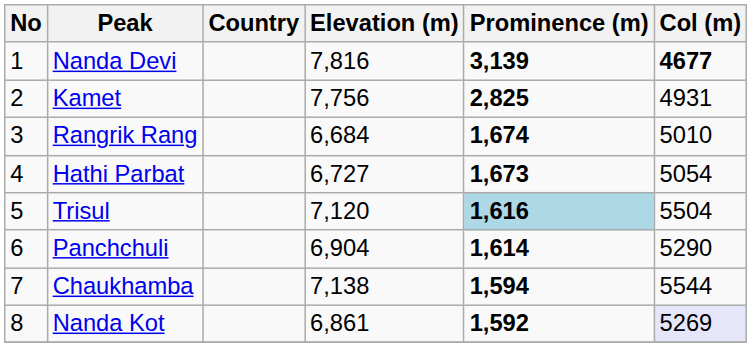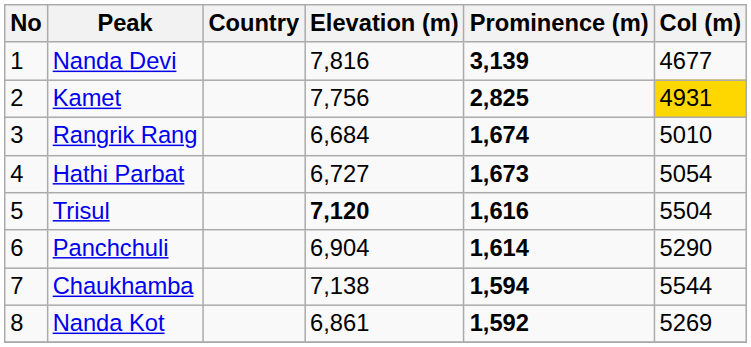 <table class="wikitable sortable">
 <tr>
 <th>No</th>
 <th>Peak</th>
 <th>Country</th>
 <th>Elevation (m)</th>
 <th>Prominence (m)</th>
 <th>Col (m)</th>
 </tr>
 <tr>
 <td>1</td>
 <td><a href='#'>Nanda Devi</a></td>
 <td></td>
 <td>7,816</td>
 <td><strong>3,139</strong></td>
-<td><strong>4677</strong></td>
+<td>4677</td>
 </tr>
 <tr>
 <td>2</td>
 <td><a href='#'>Kamet</a></td>
 <td></td>
 <td>7,756</td>
 <td><strong>2,825</strong></td>
-<td>4931</td>
+<td style="background: gold;">4931</td>
 </tr>
 <tr>
 <td>3</td>
 <td><a href='#'>Rangrik Rang</a></td>
 <td></td>
 <td>6,684</td>
 <td><strong>1,674</strong></td>
 <td>5010</td>
 </tr>
 <tr>
 <td>4</td>
 <td><a href='#'>Hathi Parbat</a></td>
 <td></td>
 <td>6,727</td>
 <td><strong>1,673</strong></td>
 <td>5054</td>
 </tr>
 <tr>
 <td>5</td>
 <td><a href='#'>Trisul</a></td>
 <td></td>
-<td>7,120</td>
-<td style="background: lightblue;"><strong>1,616</strong></td>
+<td><strong>7,120</strong></td>
+<td><strong>1,616</strong></td>
 <td>5504</td>
 </tr>
 <tr>
 <td>6</td>
 <td><a href='#'>Panchchuli</a></td>
 <td></td>
 <td>6,904</td>
 <td><strong>1,614</strong></td>
 <td>5290</td>
 </tr>
 <tr>
 <td>7</td>
 <td><a href='#'>Chaukhamba</a></td>
 <td></td>
 <td>7,138</td>
 <td><strong>1,594</strong></td>
 <td>5544</td>
 </tr>
 <tr>
 <td>8</td>
 <td><a href='#'>Nanda Kot</a></td>
 <td></td>
 <td>6,861</td>
 <td><strong>1,592</strong></td>
-<td style="background: lavender;">5269</td>
+<td>5269</td>
 </tr>
 <tr>
 </tr>
 </table>
